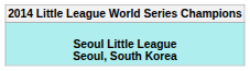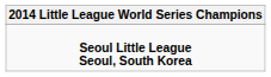 <table class="wikitable" style="text-align: center; margin: 0 auto;">
 <tr>
 <th>2014 Little League World Series Champions</th>
 </tr>
 <tr>
 </tr>
 <tr>
-<td style="background: paleturquoise;"><br><strong>Seoul Little League</strong><br><strong>Seoul, South Korea</strong></td>
+<td><br><strong>Seoul Little League</strong><br><strong>Seoul, South Korea</strong></td>
 </tr>
 </table>
